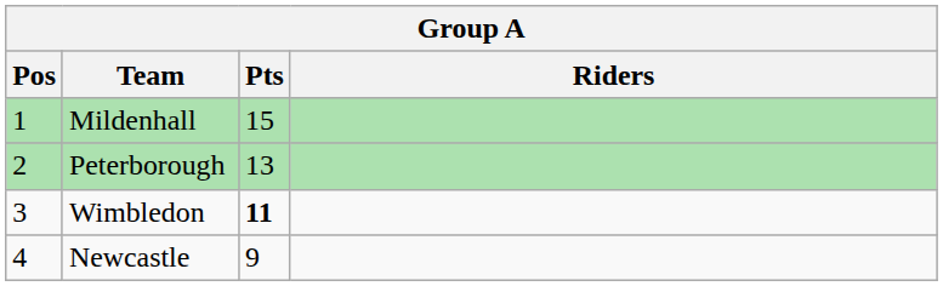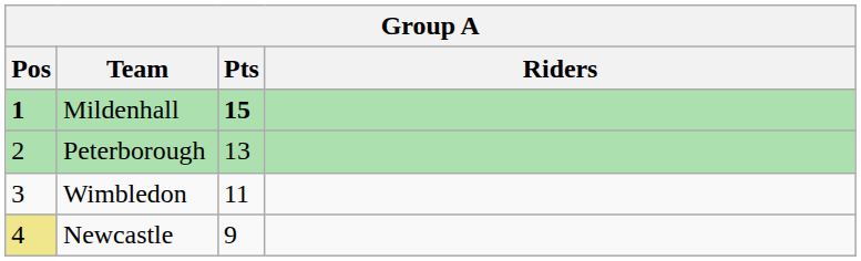 <table class="wikitable">
 <tr>
 <th colspan="4">Group A</th>
 </tr>
 <tr>
 <th width=20>Pos</th>
 <th width=90>Team</th>
 <th width=20>Pts</th>
 <th width=350>Riders</th>
 </tr>
 <tr style="background:#ACE1AF;">
-<td>1</td>
+<td><strong>1</strong></td>
 <td align=left>Mildenhall</td>
-<td>15</td>
+<td><strong>15</strong></td>
 <td></td>
 </tr>
 <tr style="background:#ACE1AF;">
 <td>2</td>
 <td align=left>Peterborough</td>
 <td>13</td>
 <td></td>
 </tr>
 <tr>
 <td>3</td>
 <td align=left>Wimbledon</td>
-<td><strong>11</strong></td>
+<td>11</td>
 <td></td>
 </tr>
 <tr>
-<td>4</td>
+<td style="background: khaki;">4</td>
 <td align=left>Newcastle</td>
 <td>9</td>
 <td></td>
 </tr>
 </table>
